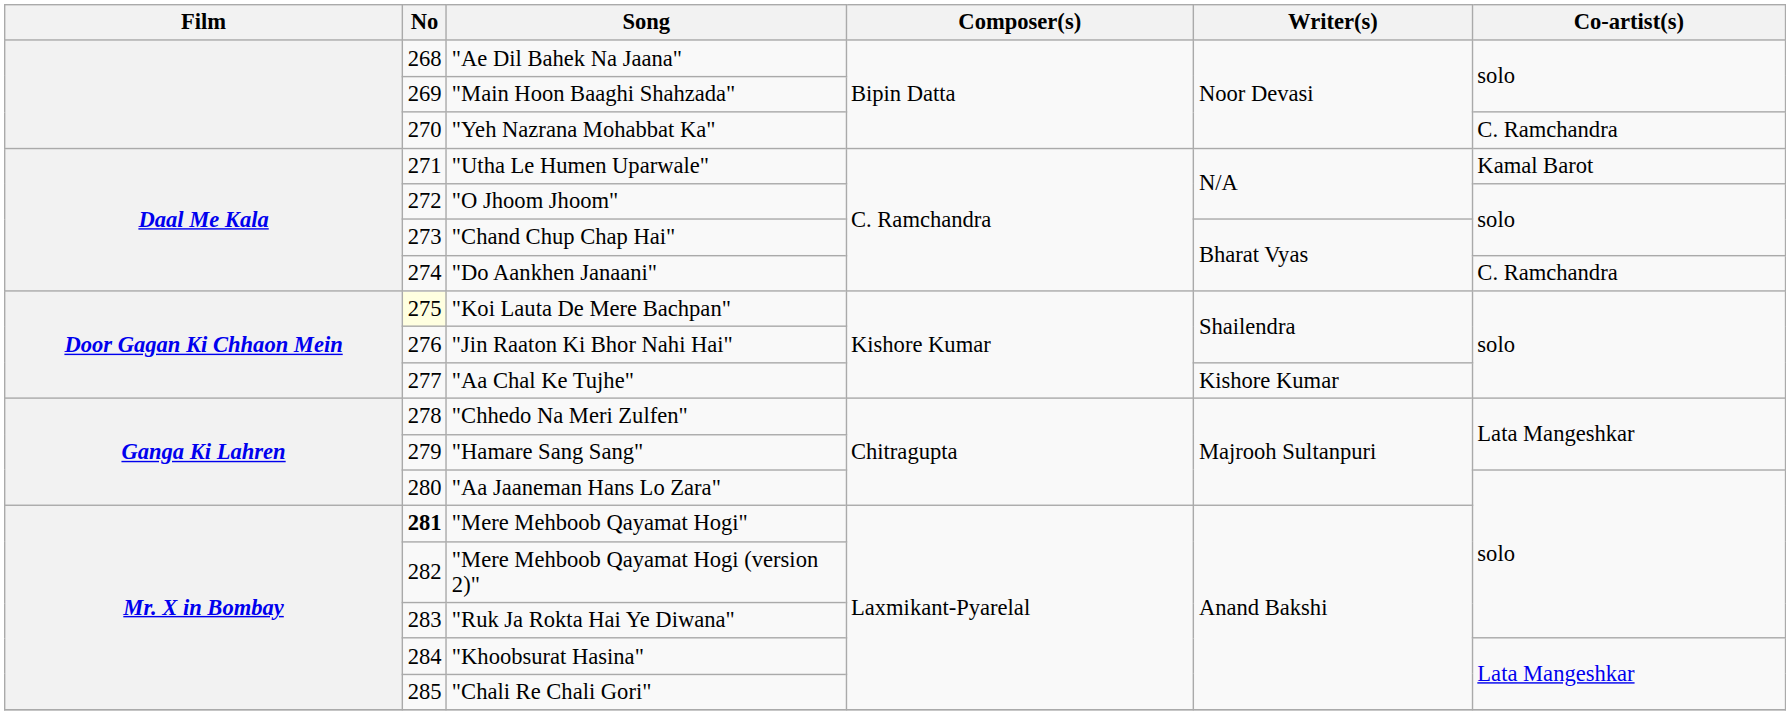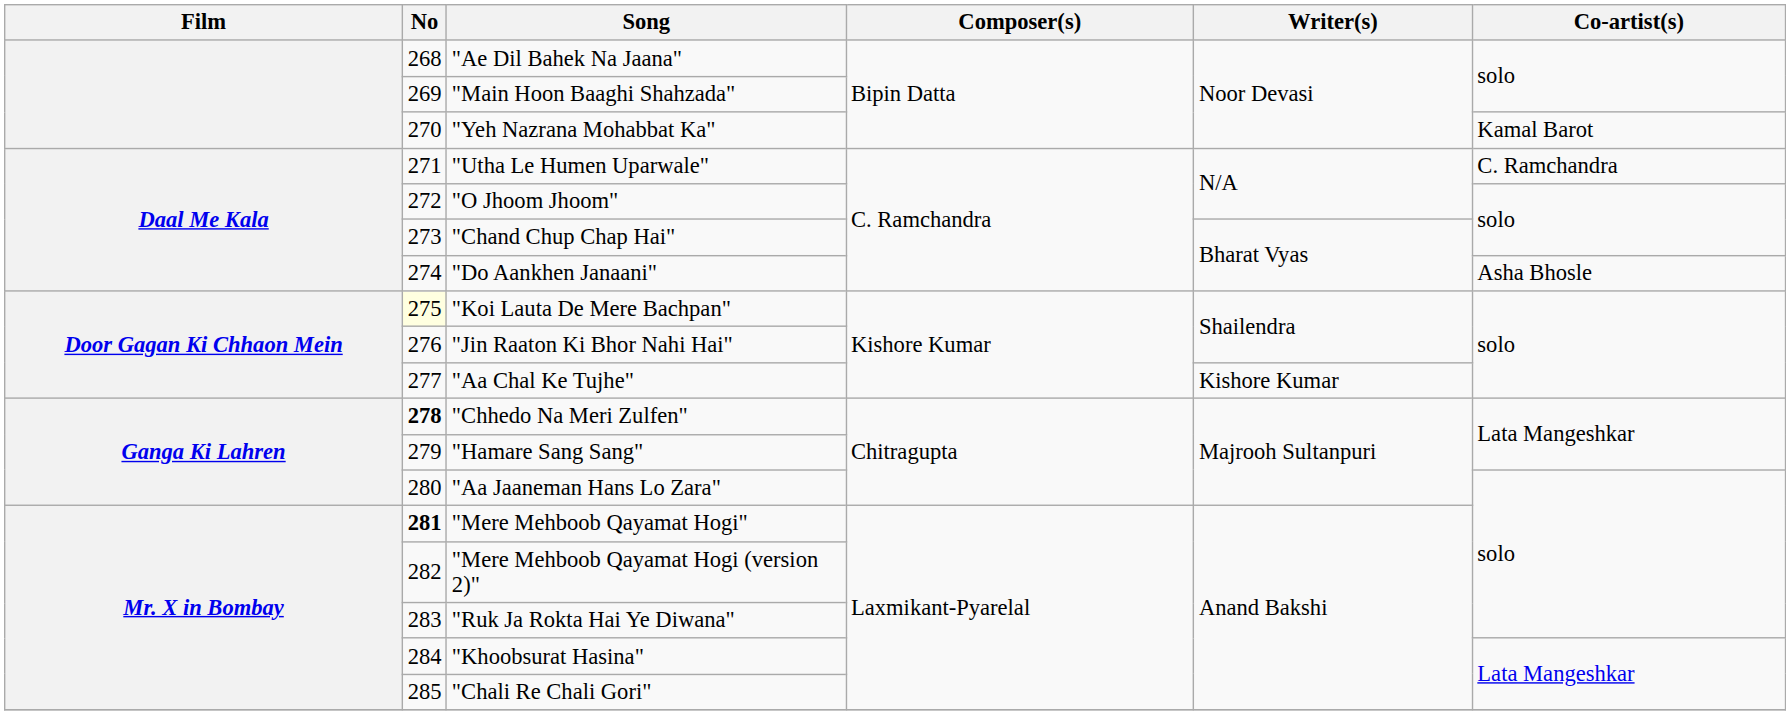 <table class="wikitable plainrowheaders" width="100%" textcolor:#000;">
 <tr style="background:#b0e0e66;">
 <th scope="col" width=23%><strong>Film</strong></th>
 <th><strong>No</strong></th>
 <th scope="col" width=23%><strong>Song</strong></th>
 <th scope="col" width=20%><strong>Composer(s)</strong></th>
 <th scope="col" width=16%><strong>Writer(s)</strong></th>
 <th scope="col" width=18%><strong>Co-artist(s)</strong></th>
 </tr>
 <tr>
 <th rowspan=3><em></em></th>
 <td>268</td>
 <td>"Ae Dil Bahek Na Jaana"</td>
 <td rowspan=3>Bipin Datta</td>
 <td rowspan=3>Noor Devasi</td>
 <td rowspan=2>solo</td>
 </tr>
 <tr>
 <td>269</td>
 <td>"Main Hoon Baaghi Shahzada"</td>
 </tr>
 <tr>
 <td>270</td>
 <td>"Yeh Nazrana Mohabbat Ka"</td>
-<td>C. Ramchandra</td>
+<td>Kamal Barot</td>
 </tr>
 <tr>
 <th rowspan=4><em><a href='#'>Daal Me Kala</a></em></th>
 <td>271</td>
 <td>"Utha Le Humen Uparwale"</td>
 <td rowspan=4>C. Ramchandra</td>
 <td rowspan=2>N/A</td>
-<td>Kamal Barot</td>
+<td>C. Ramchandra</td>
 </tr>
 <tr>
 <td>272</td>
 <td>"O Jhoom Jhoom"</td>
 <td rowspan=2>solo</td>
 </tr>
 <tr>
 <td>273</td>
 <td>"Chand Chup Chap Hai"</td>
 <td rowspan=2>Bharat Vyas</td>
 </tr>
 <tr>
 <td>274</td>
 <td>"Do Aankhen Janaani"</td>
-<td>C. Ramchandra</td>
+<td>Asha Bhosle</td>
 </tr>
 <tr>
 <th rowspan=3><em><a href='#'>Door Gagan Ki Chhaon Mein</a></em></th>
 <td style="background: lightyellow;">275</td>
 <td>"Koi Lauta De Mere Bachpan"</td>
 <td rowspan=3>Kishore Kumar</td>
 <td rowspan=2>Shailendra</td>
 <td rowspan=3>solo</td>
 </tr>
 <tr>
 <td>276</td>
 <td>"Jin Raaton Ki Bhor Nahi Hai"</td>
 </tr>
 <tr>
 <td>277</td>
 <td>"Aa Chal Ke Tujhe"</td>
 <td>Kishore Kumar</td>
 </tr>
 <tr>
 <th rowspan=3><em><a href='#'>Ganga Ki Lahren</a></em></th>
-<td>278</td>
+<td><strong>278</strong></td>
 <td>"Chhedo Na Meri Zulfen"</td>
 <td rowspan=3>Chitragupta</td>
 <td rowspan=3>Majrooh Sultanpuri</td>
 <td rowspan=2>Lata Mangeshkar</td>
 </tr>
 <tr>
 <td>279</td>
 <td>"Hamare Sang Sang"</td>
 </tr>
 <tr>
 <td>280</td>
 <td>"Aa Jaaneman Hans Lo Zara"</td>
 <td rowspan=4>solo</td>
 </tr>
 <tr>
 <th rowspan=5><em><a href='#'>Mr. X in Bombay</a></em></th>
 <td><strong>281</strong></td>
 <td>"Mere Mehboob Qayamat Hogi"</td>
 <td rowspan=5>Laxmikant-Pyarelal</td>
 <td rowspan=5>Anand Bakshi</td>
 </tr>
 <tr>
 <td>282</td>
 <td>"Mere Mehboob Qayamat Hogi (version 2)"</td>
 </tr>
 <tr>
 <td>283</td>
 <td>"Ruk Ja Rokta Hai Ye Diwana"</td>
 </tr>
 <tr>
 <td>284</td>
 <td>"Khoobsurat Hasina"</td>
 <td rowspan=2><a href='#'>Lata Mangeshkar</a></td>
 </tr>
 <tr>
 <td>285</td>
 <td>"Chali Re Chali Gori"</td>
 </tr>
 <tr>
 </tr>
 </table>
